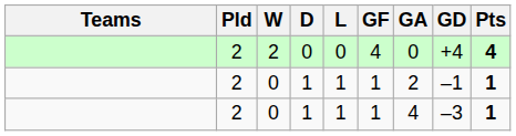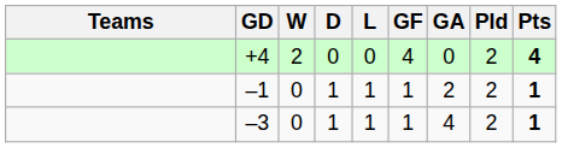 <table class="wikitable" style="text-align: center;">
 <tr>
 <th width=165>Teams</th>
-<th width=20>Pld</th>
+<th width=20>GD</th>
 <th width=20>W</th>
 <th width=20>D</th>
 <th width=20>L</th>
 <th width=20>GF</th>
 <th width=20>GA</th>
-<th width=20>GD</th>
+<th width=20>Pld</th>
 <th width=20>Pts</th>
 </tr>
 <tr align=center style="background:#ccffcc;">
 <td style="text-align:left;"></td>
-<td>2</td>
+<td>+4</td>
 <td>2</td>
 <td>0</td>
 <td>0</td>
 <td>4</td>
 <td>0</td>
-<td>+4</td>
+<td>2</td>
 <td><strong>4</strong></td>
 </tr>
 <tr align=center>
 <td style="text-align:left;"></td>
-<td>2</td>
+<td>–1</td>
 <td>0</td>
 <td>1</td>
 <td>1</td>
 <td>1</td>
 <td>2</td>
-<td>–1</td>
+<td>2</td>
 <td><strong>1</strong></td>
 </tr>
 <tr align=center>
 <td style="text-align:left;"></td>
-<td>2</td>
+<td>–3</td>
 <td>0</td>
 <td>1</td>
 <td>1</td>
 <td>1</td>
 <td>4</td>
-<td>–3</td>
+<td>2</td>
 <td><strong>1</strong></td>
 </tr>
 </table>
